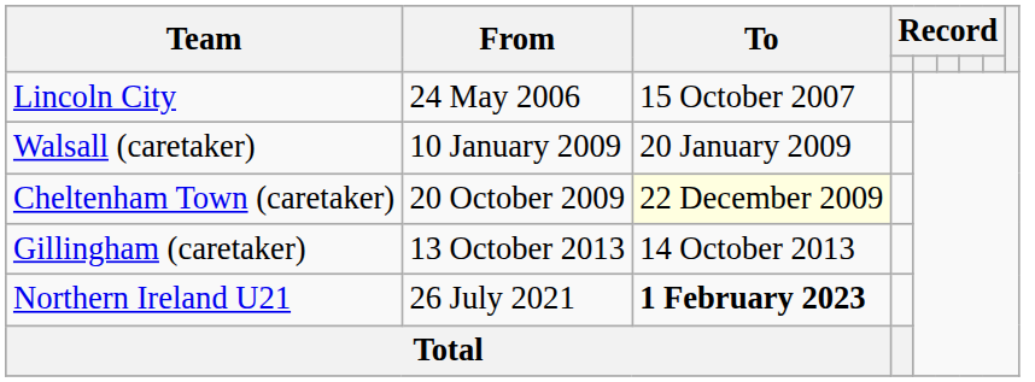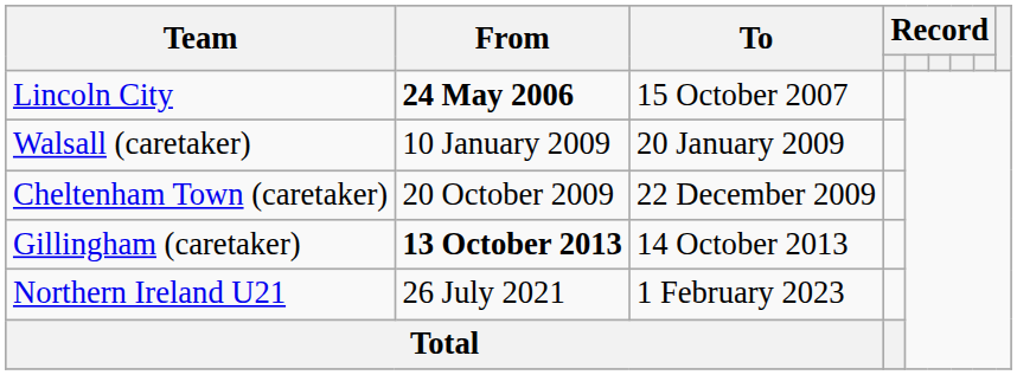 <table class="wikitable" style="text-align: center">
 <tr>
 <th rowspan=2>Team</th>
 <th rowspan=2>From</th>
 <th rowspan=2>To</th>
 <th colspan=5>Record</th>
 <th rowspan=2></th>
 </tr>
 <tr>
 <th></th>
 <th></th>
 <th></th>
 <th></th>
 <th></th>
 </tr>
 <tr>
 <td align=left><a href='#'>Lincoln City</a></td>
-<td align=left>24 May 2006</td>
+<td align=left><strong>24 May 2006</strong></td>
 <td align=left>15 October 2007<br></td>
 <td></td>
 </tr>
 <tr>
 <td align=left><a href='#'>Walsall</a> (caretaker)</td>
 <td align=left>10 January 2009</td>
 <td align=left>20 January 2009<br></td>
 <td></td>
 </tr>
 <tr>
 <td align=left><a href='#'>Cheltenham Town</a> (caretaker)</td>
 <td align=left>20 October 2009</td>
-<td align=left style="background: lightyellow;">22 December 2009<br></td>
+<td align=left>22 December 2009<br></td>
 <td></td>
 </tr>
 <tr>
 <td align=left><a href='#'>Gillingham</a> (caretaker)</td>
-<td align=left>13 October 2013</td>
+<td align=left><strong>13 October 2013</strong></td>
 <td align=left>14 October 2013<br></td>
 <td></td>
 </tr>
 <tr>
 <td align=left><a href='#'>Northern Ireland U21</a></td>
 <td align=left>26 July 2021</td>
-<td align=left><strong>1 February 2023<br></strong></td>
+<td align=left>1 February 2023<br></td>
 <td></td>
 </tr>
 <tr>
 <th colspan="3">Total<br></th>
 <th></th>
 </tr>
 </table>
